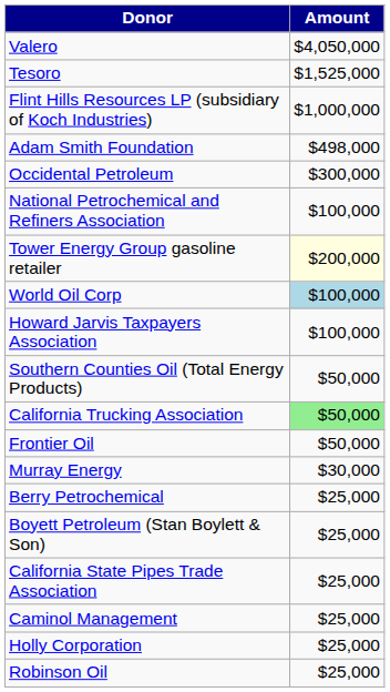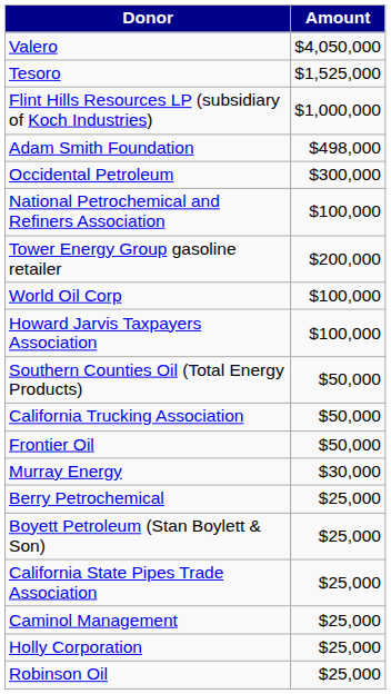 <table class="wikitable"  style="width:40%;">
 <tr>
 <th style="background:darkBlue; color:white;">Donor</th>
 <th style="background:darkBlue; color:white;">Amount</th>
 </tr>
 <tr>
 <td><a href='#'>Valero</a></td>
 <td style="text-align:right;">$4,050,000</td>
 </tr>
 <tr>
 <td><a href='#'>Tesoro</a></td>
 <td style="text-align:right;">$1,525,000</td>
 </tr>
 <tr>
 <td><a href='#'>Flint Hills Resources LP</a> (subsidiary of <a href='#'>Koch Industries</a>)</td>
 <td style="text-align:right;">$1,000,000</td>
 </tr>
 <tr>
 <td><a href='#'>Adam Smith Foundation</a></td>
 <td style="text-align:right;">$498,000</td>
 </tr>
 <tr>
 <td><a href='#'>Occidental Petroleum</a></td>
 <td style="text-align:right;">$300,000</td>
 </tr>
 <tr>
 <td><a href='#'>National Petrochemical and Refiners Association</a></td>
 <td style="text-align:right;">$100,000</td>
 </tr>
 <tr>
 <td><a href='#'>Tower Energy Group</a> gasoline retailer</td>
-<td style="background: lightyellow; text-align:right;">$200,000</td>
+<td style="text-align:right;">$200,000</td>
 </tr>
 <tr>
 <td><a href='#'>World Oil Corp</a></td>
-<td style="background: lightblue; text-align:right;">$100,000</td>
+<td style="text-align:right;">$100,000</td>
 </tr>
 <tr>
 <td><a href='#'>Howard Jarvis Taxpayers Association</a></td>
 <td style="text-align:right;">$100,000</td>
 </tr>
 <tr>
 <td><a href='#'>Southern Counties Oil</a> (Total Energy Products)</td>
 <td style="text-align:right;">$50,000</td>
 </tr>
 <tr>
 <td><a href='#'>California Trucking Association</a></td>
-<td style="background: lightgreen; text-align:right;">$50,000</td>
+<td style="text-align:right;">$50,000</td>
 </tr>
 <tr>
 <td><a href='#'>Frontier Oil</a></td>
 <td style="text-align:right;">$50,000</td>
 </tr>
 <tr>
 <td><a href='#'>Murray Energy</a></td>
 <td style="text-align:right;">$30,000</td>
 </tr>
 <tr>
 <td><a href='#'>Berry Petrochemical</a></td>
 <td style="text-align:right;">$25,000</td>
 </tr>
 <tr>
 <td><a href='#'>Boyett Petroleum</a> (Stan Boylett & Son)</td>
 <td style="text-align:right;">$25,000</td>
 </tr>
 <tr>
 <td><a href='#'>California State Pipes Trade Association</a></td>
 <td style="text-align:right;">$25,000</td>
 </tr>
 <tr>
 <td><a href='#'>Caminol Management</a></td>
 <td style="text-align:right;">$25,000</td>
 </tr>
 <tr>
 <td><a href='#'>Holly Corporation</a></td>
 <td style="text-align:right;">$25,000</td>
 </tr>
 <tr>
 <td><a href='#'>Robinson Oil</a></td>
 <td style="text-align:right;">$25,000</td>
 </tr>
 </table>
